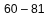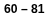 <table style="text-align:center;">
 <tr>
 <th width=200></th>
 <th width=100></th>
 <th width=200></th>
 <th></th>
 </tr>
 <tr>
 <td align=right></td>
-<td>60 – 81</td>
+<td><strong>60 – 81</strong></td>
 <td align=left><strong></strong></td>
 </tr>
 </table>
